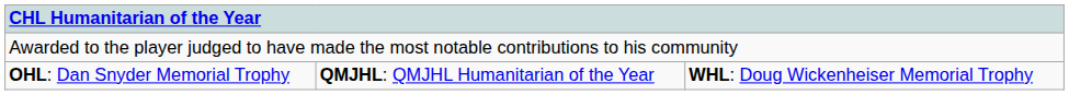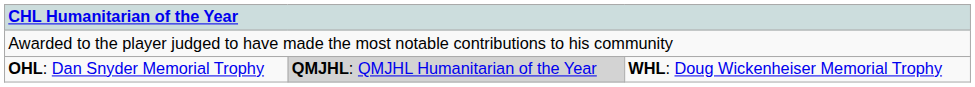 <table class="wikitable" width="75%">
 <tr style="font-weight:bold; background-color:#ccdddd;" |>
 <td colspan="3"><a href='#'>CHL Humanitarian of the Year</a></td>
 </tr>
 <tr>
 <td colspan="3">Awarded to the player judged to have made the most notable contributions to his community</td>
 </tr>
 <tr>
 <td><strong>OHL</strong>: <a href='#'>Dan Snyder Memorial Trophy</a></td>
-<td><strong>QMJHL</strong>: <a href='#'>QMJHL Humanitarian of the Year</a></td>
+<td style="background: lightgrey;"><strong>QMJHL</strong>: <a href='#'>QMJHL Humanitarian of the Year</a></td>
 <td><strong>WHL</strong>: <a href='#'>Doug Wickenheiser Memorial Trophy</a></td>
 </tr>
 </table>
